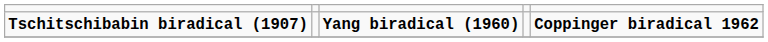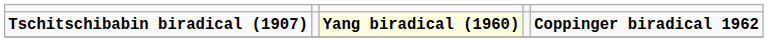 <table align="center"  class="wikitable">
 <tr>
 <td></td>
 <td></td>
 <td></td>
 <td></td>
 <td></td>
 </tr>
 <tr>
 <td><strong>Tschitschibabin biradical (1907)</strong></td>
 <td></td>
-<td><strong>Yang biradical (1960)</strong></td>
+<td style="background: lightyellow;"><strong>Yang biradical (1960)</strong></td>
 <td></td>
 <td><strong>Coppinger biradical 1962</strong></td>
 </tr>
 <tr>
 </tr>
 </table>
